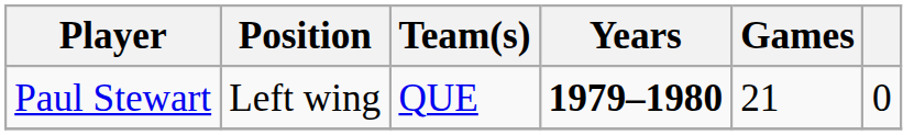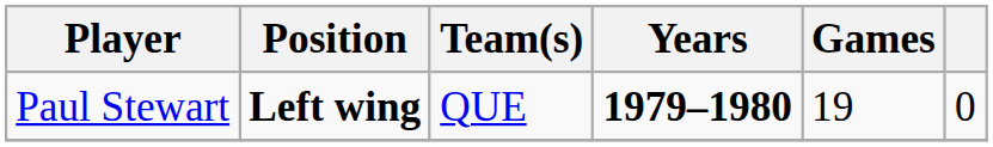 <table class="wikitable">
 <tr>
 <th>Player</th>
 <th>Position</th>
 <th>Team(s)</th>
 <th>Years</th>
 <th>Games</th>
 <th><a href='#'></a></th>
 </tr>
 <tr>
 <td><a href='#'>Paul Stewart</a></td>
-<td>Left wing</td>
+<td><strong>Left wing</strong></td>
 <td><a href='#'>QUE</a></td>
 <td><strong>1979–1980</strong></td>
-<td>21</td>
+<td>19</td>
 <td>0</td>
 </tr>
 <tr>
 </tr>
 </table>
